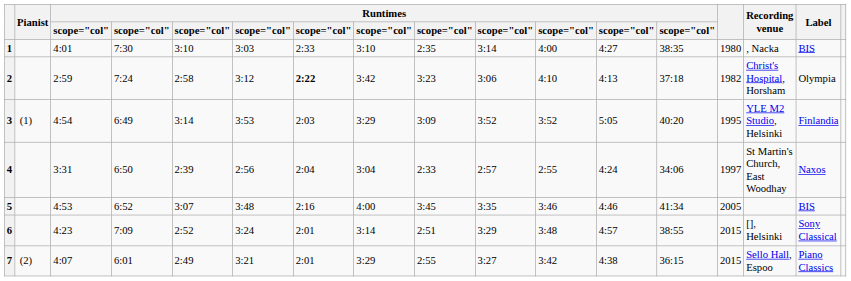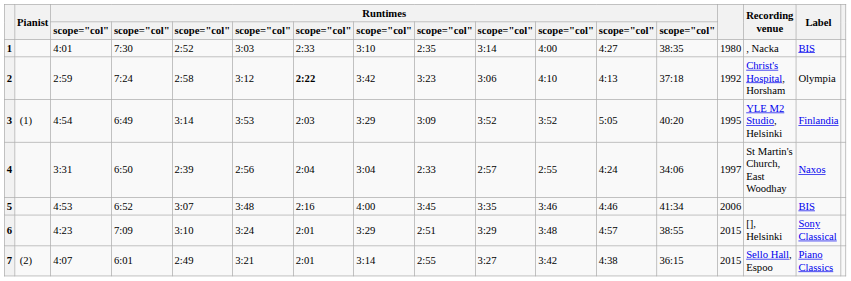 <table class="wikitable sortable" style="margin-right:0; font-size:95%">
 <tr>
 <th rowspan=2 scope="col"></th>
 <th rowspan=2 scope=col>Pianist</th>
 <th colspan=11 scope=col>Runtimes</th>
 <th rowspan=2 scope=col></th>
 <th rowspan=2 scope=col>Recording venue</th>
 <th rowspan=2 scope=col>Label</th>
 <th rowspan=2 scope=col class="unsortable"></th>
 </tr>
 <tr>
 <th>scope="col" </th>
 <th>scope="col" </th>
 <th>scope="col" </th>
 <th>scope="col" </th>
 <th>scope="col" </th>
 <th>scope="col" </th>
 <th>scope="col" </th>
 <th>scope="col" </th>
 <th>scope="col" </th>
 <th>scope="col" </th>
 <th>scope="col" </th>
 </tr>
 <tr>
 <th scope="row">1</th>
 <td></td>
 <td>4:01</td>
 <td>7:30</td>
-<td>3:10</td>
+<td>2:52</td>
 <td>3:03</td>
 <td>2:33</td>
 <td>3:10</td>
 <td>2:35</td>
 <td>3:14</td>
 <td>4:00</td>
 <td>4:27</td>
 <td>38:35</td>
 <td>1980</td>
 <td>, Nacka</td>
 <td><a href='#'>BIS</a></td>
 <td></td>
 </tr>
 <tr>
 <th scope="row">2</th>
 <td></td>
 <td>2:59</td>
 <td>7:24</td>
 <td>2:58</td>
 <td>3:12</td>
 <td><strong>2:22</strong></td>
 <td>3:42</td>
 <td>3:23</td>
 <td>3:06</td>
 <td>4:10</td>
 <td>4:13</td>
 <td>37:18</td>
-<td>1982</td>
+<td>1992</td>
 <td><a href='#'>Christ's Hospital</a>, Horsham</td>
 <td>Olympia</td>
 <td></td>
 </tr>
 <tr>
 <th scope="row">3</th>
 <td> (1)</td>
 <td>4:54</td>
 <td>6:49</td>
 <td>3:14</td>
 <td>3:53</td>
 <td>2:03</td>
 <td>3:29</td>
 <td>3:09</td>
 <td>3:52</td>
 <td>3:52</td>
 <td>5:05</td>
 <td>40:20</td>
 <td>1995</td>
 <td><a href='#'>YLE M2 Studio</a>, Helsinki</td>
 <td><a href='#'>Finlandia</a></td>
 <td></td>
 </tr>
 <tr>
 <th scope="row">4</th>
 <td></td>
 <td>3:31</td>
 <td>6:50</td>
 <td>2:39</td>
 <td>2:56</td>
 <td>2:04</td>
 <td>3:04</td>
 <td>2:33</td>
 <td>2:57</td>
 <td>2:55</td>
 <td>4:24</td>
 <td>34:06</td>
 <td>1997</td>
 <td>St Martin's Church, East Woodhay</td>
 <td><a href='#'>Naxos</a></td>
 <td></td>
 </tr>
 <tr>
 <th scope="row">5</th>
 <td></td>
 <td>4:53</td>
 <td>6:52</td>
 <td>3:07</td>
 <td>3:48</td>
 <td>2:16</td>
 <td>4:00</td>
 <td>3:45</td>
 <td>3:35</td>
 <td>3:46</td>
 <td>4:46</td>
 <td>41:34</td>
-<td>2005</td>
+<td>2006</td>
 <td></td>
 <td><a href='#'>BIS</a></td>
 <td></td>
 </tr>
 <tr>
 <th scope="row">6</th>
 <td></td>
 <td>4:23</td>
 <td>7:09</td>
-<td>2:52</td>
+<td>3:10</td>
 <td>3:24</td>
 <td>2:01</td>
-<td>3:14</td>
+<td>3:29</td>
 <td>2:51</td>
 <td>3:29</td>
 <td>3:48</td>
 <td>4:57</td>
 <td>38:55</td>
 <td>2015</td>
 <td>[], Helsinki</td>
 <td><a href='#'>Sony Classical</a></td>
 <td></td>
 </tr>
 <tr>
 <th scope="row">7</th>
 <td> (2)</td>
 <td>4:07</td>
 <td>6:01</td>
 <td>2:49</td>
 <td>3:21</td>
 <td>2:01</td>
-<td>3:29</td>
+<td>3:14</td>
 <td>2:55</td>
 <td>3:27</td>
 <td>3:42</td>
 <td>4:38</td>
 <td>36:15</td>
 <td>2015</td>
 <td><a href='#'>Sello Hall</a>, Espoo</td>
 <td><a href='#'>Piano Classics</a></td>
 <td></td>
 </tr>
 </table>
